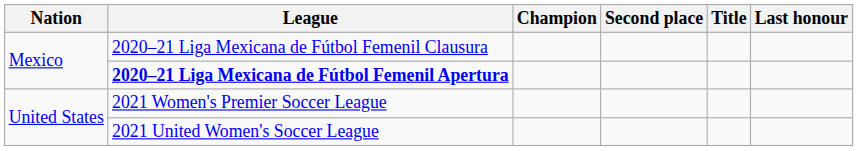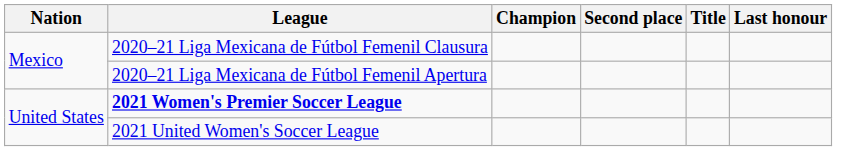 <table class="wikitable sortable">
 <tr>
 <th>Nation</th>
 <th>League</th>
 <th>Champion</th>
 <th>Second place</th>
 <th data-sort-type="number">Title</th>
 <th>Last honour</th>
 </tr>
 <tr>
 <td rowspan=2> <a href='#'>Mexico</a></td>
 <td><a href='#'>2020–21 Liga Mexicana de Fútbol Femenil Clausura</a></td>
 <td></td>
 <td></td>
 <td></td>
 <td></td>
 </tr>
 <tr>
-<td><strong><a href='#'>2020–21 Liga Mexicana de Fútbol Femenil Apertura</a></strong></td>
+<td><a href='#'>2020–21 Liga Mexicana de Fútbol Femenil Apertura</a></td>
 <td></td>
 <td></td>
 <td></td>
 <td></td>
 </tr>
 <tr>
 <td rowspan=2> <a href='#'>United States</a></td>
-<td><a href='#'>2021 Women's Premier Soccer League</a></td>
+<td><strong><a href='#'>2021 Women's Premier Soccer League</a></strong></td>
 <td></td>
 <td></td>
 <td></td>
 <td></td>
 </tr>
 <tr>
 <td><a href='#'>2021 United Women's Soccer League</a></td>
 <td></td>
 <td></td>
 <td></td>
 <td></td>
 </tr>
 </table>
